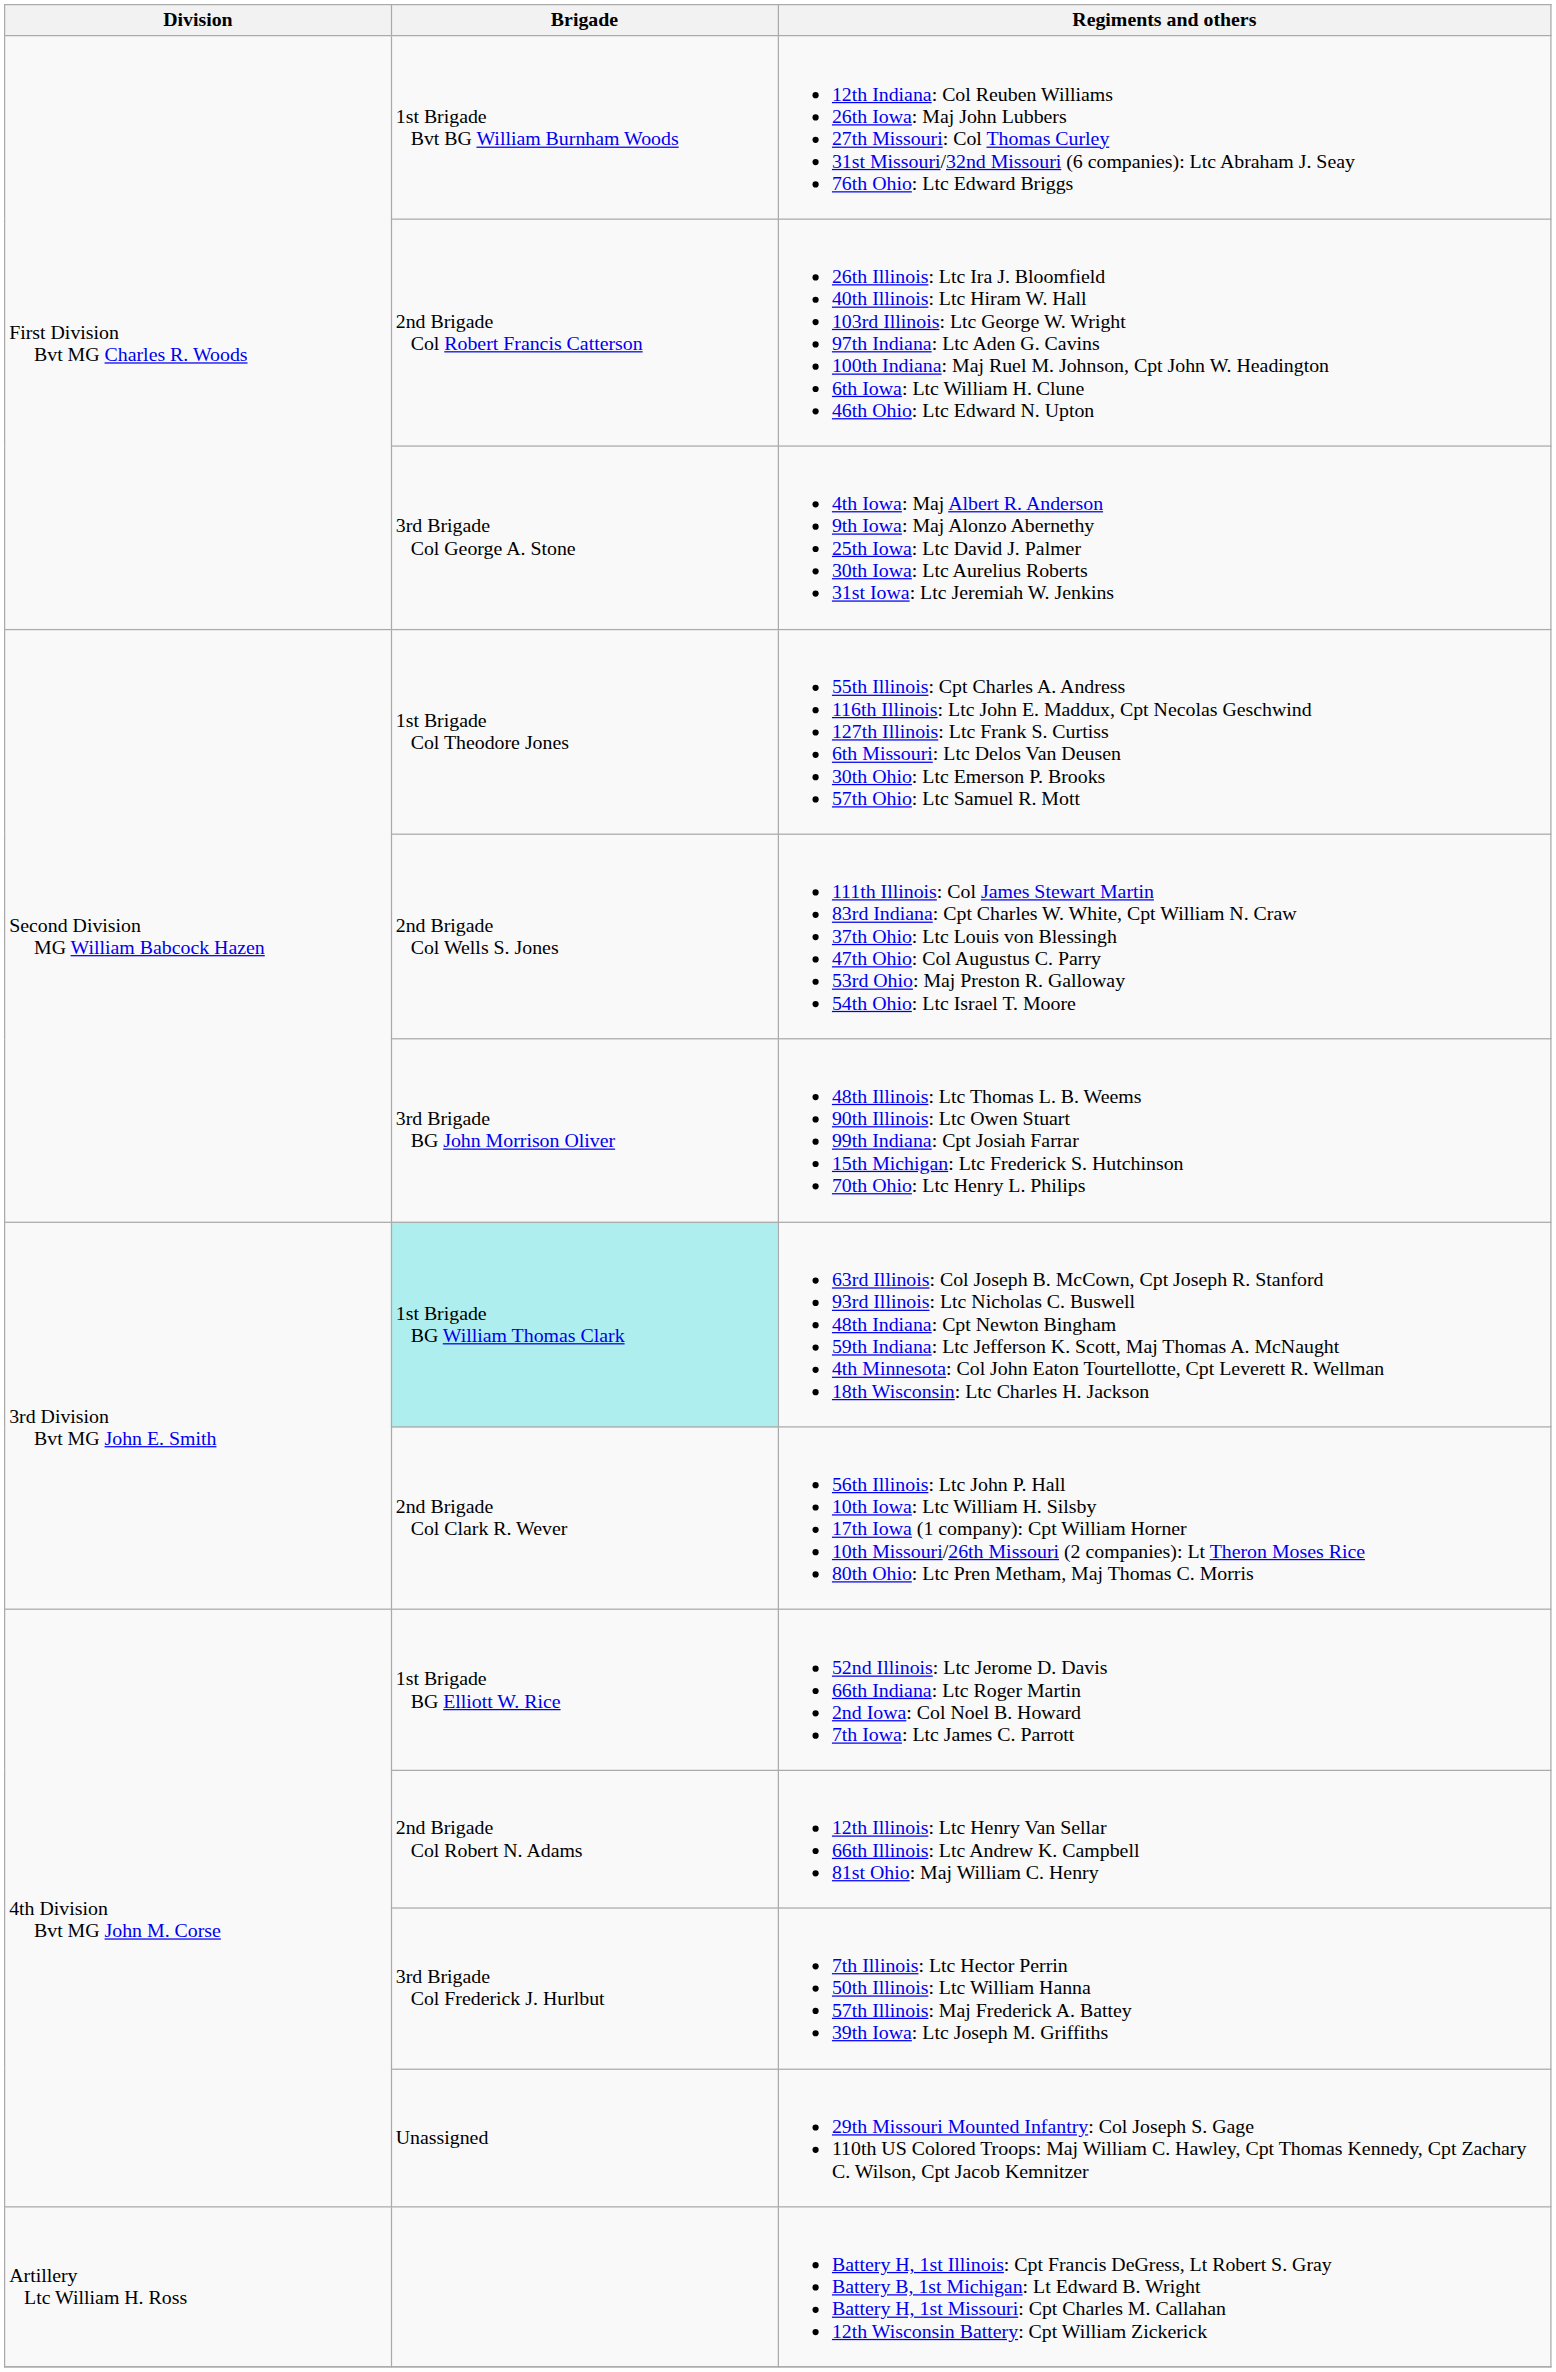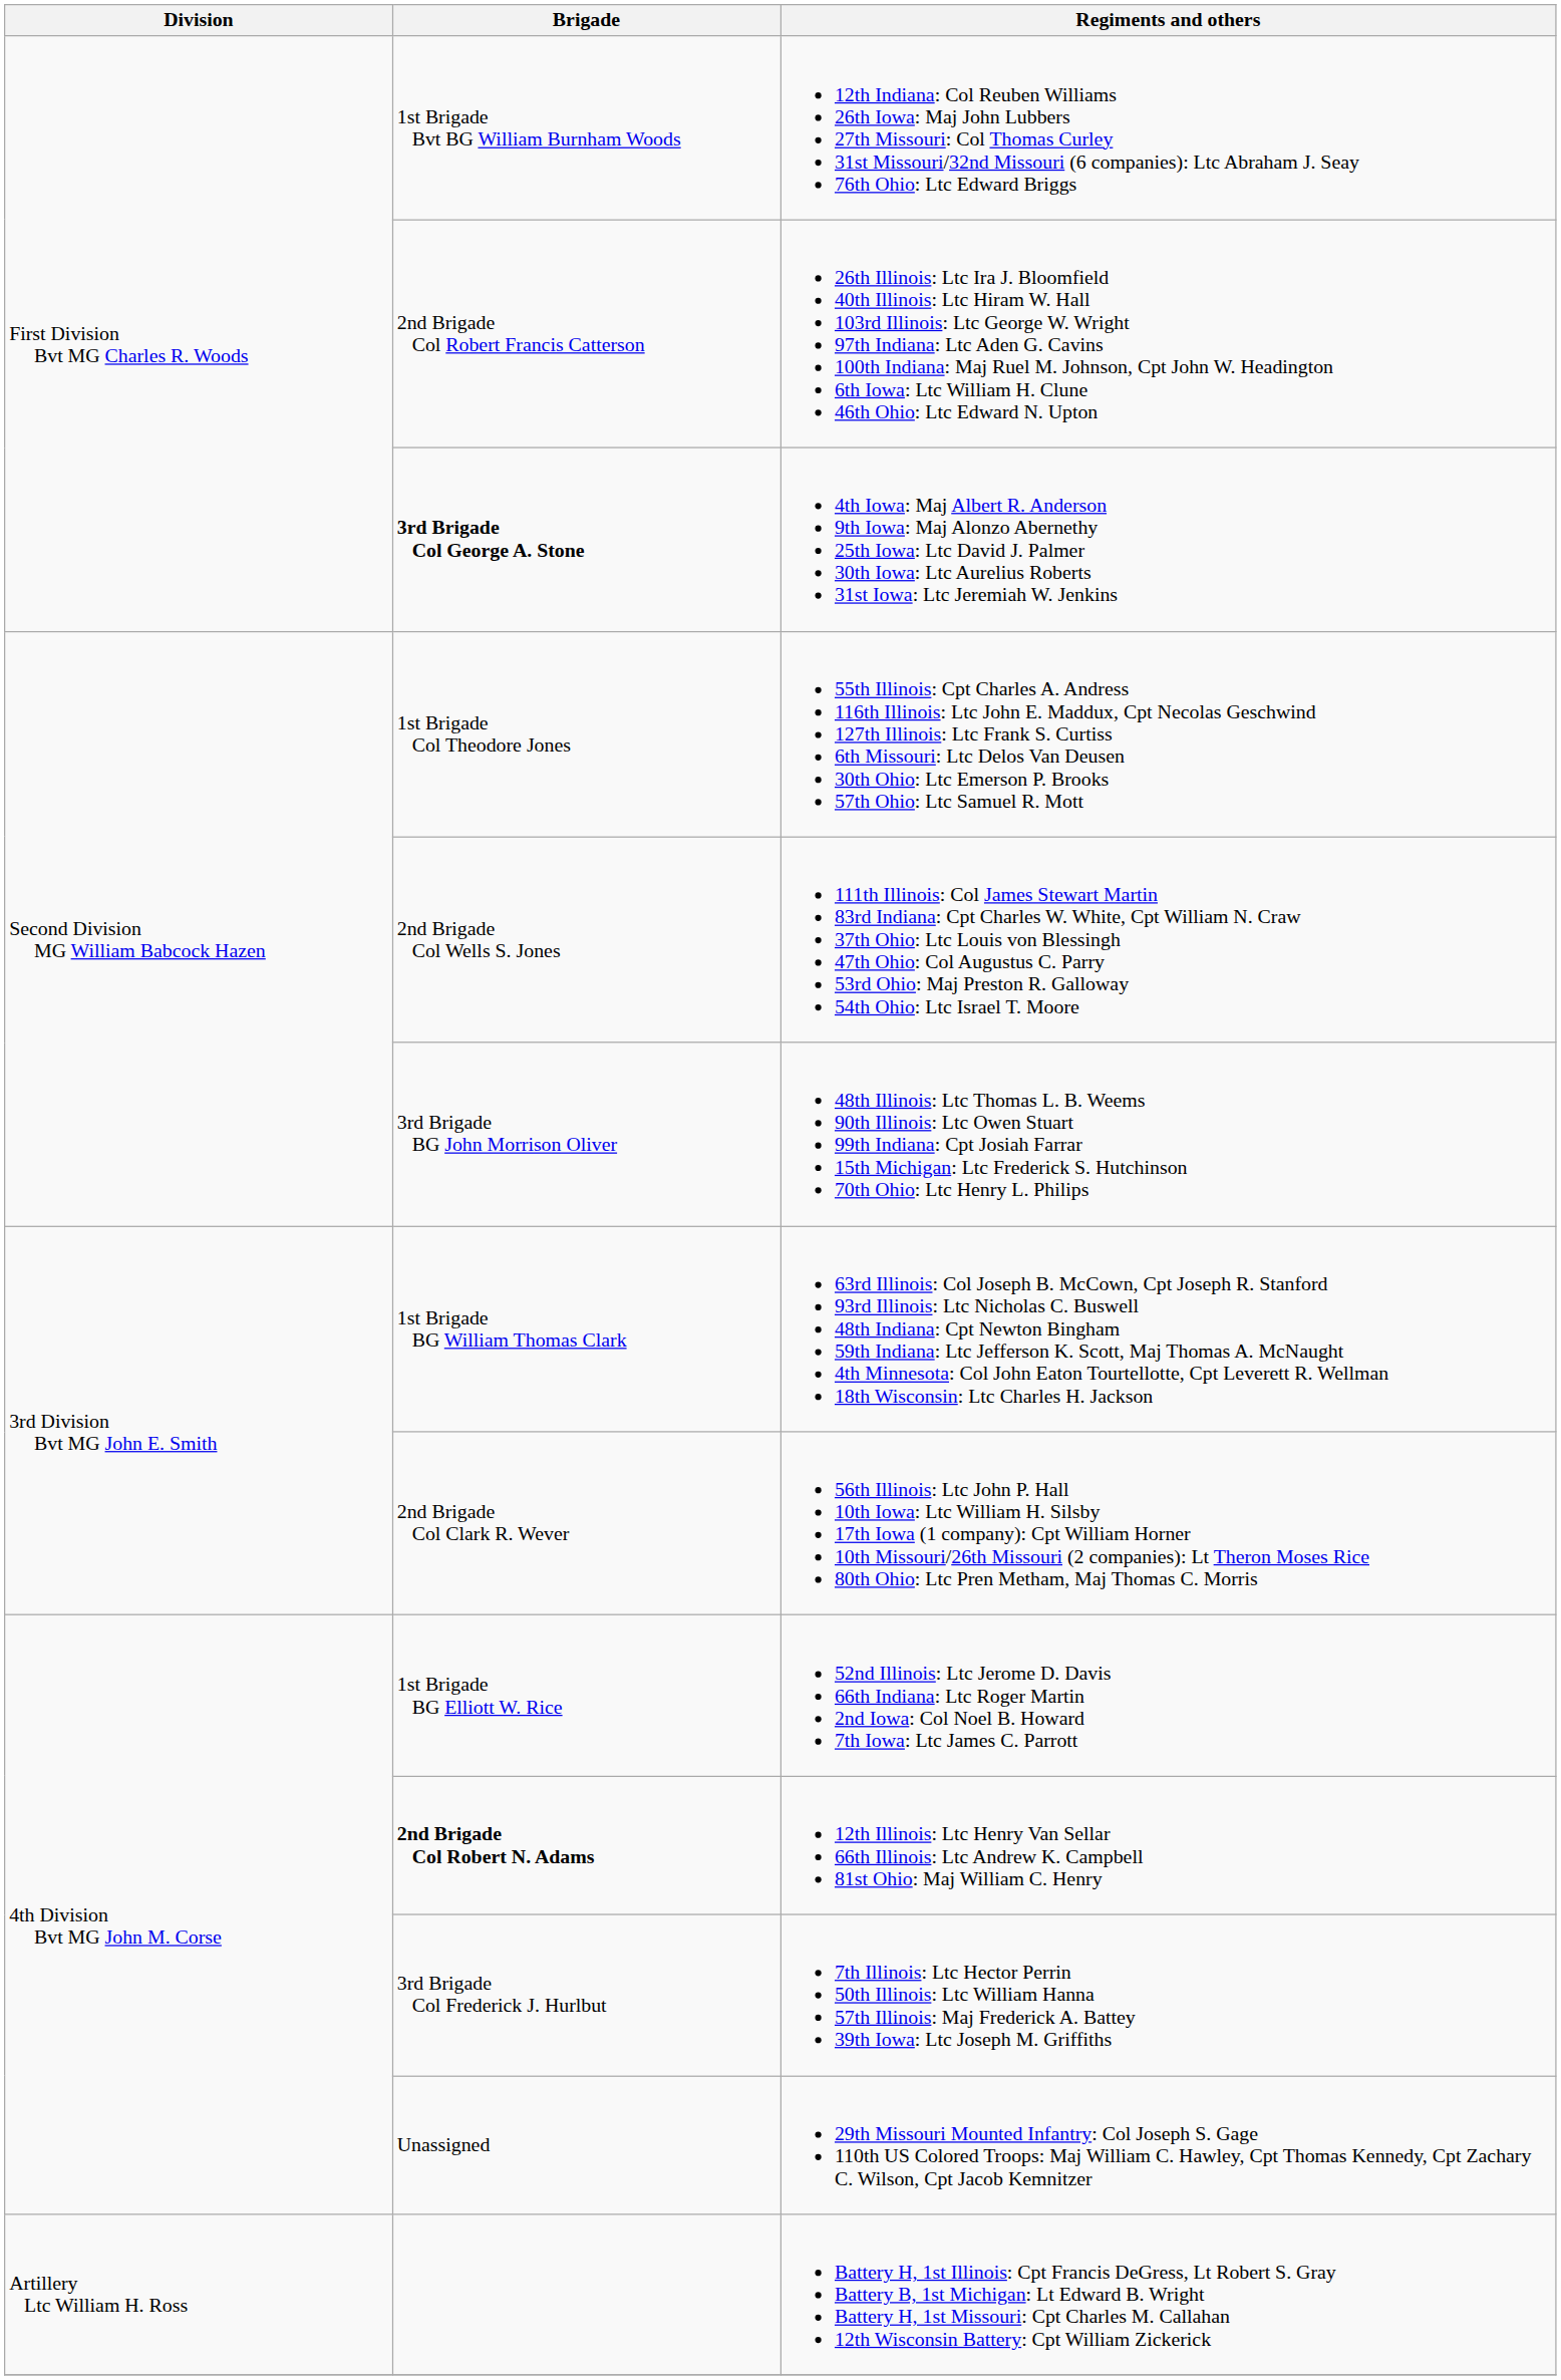 <table class="wikitable">
 <tr>
 <th width=25%>Division</th>
 <th width=25%>Brigade</th>
 <th>Regiments and others</th>
 </tr>
 <tr>
 <td rowspan=3><br>First Division <br>     Bvt MG <a href='#'>Charles R. Woods</a></td>
 <td>1st Brigade<br>   Bvt BG <a href='#'>William Burnham Woods</a></td>
 <td><br><ul><li><a href='#'>12th Indiana</a>: Col Reuben Williams</li><li><a href='#'>26th Iowa</a>: Maj John Lubbers</li><li><a href='#'>27th Missouri</a>: Col <a href='#'>Thomas Curley</a></li><li><a href='#'>31st Missouri</a>/<a href='#'>32nd Missouri</a> (6 companies): Ltc Abraham J. Seay</li><li><a href='#'>76th Ohio</a>: Ltc Edward Briggs</li></ul></td>
 </tr>
 <tr>
 <td>2nd Brigade<br>   Col <a href='#'>Robert Francis Catterson</a></td>
 <td><br><ul><li><a href='#'>26th Illinois</a>: Ltc Ira J. Bloomfield</li><li><a href='#'>40th Illinois</a>: Ltc Hiram W. Hall</li><li><a href='#'>103rd Illinois</a>: Ltc George W. Wright</li><li><a href='#'>97th Indiana</a>: Ltc Aden G. Cavins</li><li><a href='#'>100th Indiana</a>: Maj Ruel M. Johnson, Cpt John W. Headington</li><li><a href='#'>6th Iowa</a>: Ltc William H. Clune</li><li><a href='#'>46th Ohio</a>: Ltc Edward N. Upton</li></ul></td>
 </tr>
 <tr>
-<td>3rd Brigade<br>   Col George A. Stone</td>
+<td><strong>3rd Brigade<br>   Col George A. Stone</strong></td>
 <td><br><ul><li><a href='#'>4th Iowa</a>: Maj <a href='#'>Albert R. Anderson</a></li><li><a href='#'>9th Iowa</a>: Maj Alonzo Abernethy</li><li><a href='#'>25th Iowa</a>: Ltc David J. Palmer</li><li><a href='#'>30th Iowa</a>: Ltc Aurelius Roberts</li><li><a href='#'>31st Iowa</a>: Ltc Jeremiah W. Jenkins</li></ul></td>
 </tr>
 <tr>
 <td rowspan=3><br>Second Division <br>     MG <a href='#'>William Babcock Hazen</a></td>
 <td>1st Brigade<br>   Col Theodore Jones</td>
 <td><br><ul><li><a href='#'>55th Illinois</a>: Cpt Charles A. Andress</li><li><a href='#'>116th Illinois</a>: Ltc John E. Maddux, Cpt Necolas Geschwind</li><li><a href='#'>127th Illinois</a>: Ltc Frank S. Curtiss</li><li><a href='#'>6th Missouri</a>: Ltc Delos Van Deusen</li><li><a href='#'>30th Ohio</a>: Ltc Emerson P. Brooks</li><li><a href='#'>57th Ohio</a>: Ltc Samuel R. Mott</li></ul></td>
 </tr>
 <tr>
 <td>2nd Brigade<br>   Col Wells S. Jones</td>
 <td><br><ul><li><a href='#'>111th Illinois</a>: Col <a href='#'>James Stewart Martin</a></li><li><a href='#'>83rd Indiana</a>: Cpt Charles W. White, Cpt William N. Craw</li><li><a href='#'>37th Ohio</a>: Ltc Louis von Blessingh</li><li><a href='#'>47th Ohio</a>: Col Augustus C. Parry</li><li><a href='#'>53rd Ohio</a>: Maj Preston R. Galloway</li><li><a href='#'>54th Ohio</a>: Ltc Israel T. Moore</li></ul></td>
 </tr>
 <tr>
 <td>3rd Brigade<br>   BG <a href='#'>John Morrison Oliver</a></td>
 <td><br><ul><li><a href='#'>48th Illinois</a>: Ltc Thomas L. B. Weems</li><li><a href='#'>90th Illinois</a>: Ltc Owen Stuart</li><li><a href='#'>99th Indiana</a>: Cpt Josiah Farrar</li><li><a href='#'>15th Michigan</a>: Ltc Frederick S. Hutchinson</li><li><a href='#'>70th Ohio</a>: Ltc Henry L. Philips</li></ul></td>
 </tr>
 <tr>
 <td rowspan=2><br>3rd Division <br>     Bvt MG <a href='#'>John E. Smith</a></td>
-<td style="background: paleturquoise;">1st Brigade<br>   BG <a href='#'>William Thomas Clark</a></td>
+<td>1st Brigade<br>   BG <a href='#'>William Thomas Clark</a></td>
 <td><br><ul><li><a href='#'>63rd Illinois</a>: Col Joseph B. McCown, Cpt Joseph R. Stanford</li><li><a href='#'>93rd Illinois</a>: Ltc Nicholas C. Buswell</li><li><a href='#'>48th Indiana</a>: Cpt Newton Bingham</li><li><a href='#'>59th Indiana</a>: Ltc Jefferson K. Scott, Maj Thomas A. McNaught</li><li><a href='#'>4th Minnesota</a>: Col John Eaton Tourtellotte, Cpt Leverett R. Wellman</li><li><a href='#'>18th Wisconsin</a>: Ltc Charles H. Jackson</li></ul></td>
 </tr>
 <tr>
 <td>2nd Brigade<br>   Col Clark R. Wever   </td>
 <td><br><ul><li><a href='#'>56th Illinois</a>: Ltc John P. Hall</li><li><a href='#'>10th Iowa</a>: Ltc William H. Silsby</li><li><a href='#'>17th Iowa</a> (1 company): Cpt William Horner</li><li><a href='#'>10th Missouri</a>/<a href='#'>26th Missouri</a> (2 companies): Lt <a href='#'>Theron Moses Rice</a></li><li><a href='#'>80th Ohio</a>: Ltc Pren Metham, Maj Thomas C. Morris</li></ul></td>
 </tr>
 <tr>
 <td rowspan=4><br>4th Division <br>     Bvt MG <a href='#'>John M. Corse</a></td>
 <td>1st Brigade<br>   BG <a href='#'>Elliott W. Rice</a></td>
 <td><br><ul><li><a href='#'>52nd Illinois</a>: Ltc Jerome D. Davis</li><li><a href='#'>66th Indiana</a>: Ltc Roger Martin</li><li><a href='#'>2nd Iowa</a>: Col Noel B. Howard</li><li><a href='#'>7th Iowa</a>: Ltc James C. Parrott</li></ul></td>
 </tr>
 <tr>
-<td>2nd Brigade<br>   Col Robert N. Adams</td>
+<td><strong>2nd Brigade<br>   Col Robert N. Adams</strong></td>
 <td><br><ul><li><a href='#'>12th Illinois</a>: Ltc Henry Van Sellar</li><li><a href='#'>66th Illinois</a>: Ltc Andrew K. Campbell</li><li><a href='#'>81st Ohio</a>: Maj William C. Henry</li></ul></td>
 </tr>
 <tr>
 <td>3rd Brigade<br>   Col Frederick J. Hurlbut</td>
 <td><br><ul><li><a href='#'>7th Illinois</a>: Ltc Hector Perrin</li><li><a href='#'>50th Illinois</a>: Ltc William Hanna</li><li><a href='#'>57th Illinois</a>: Maj Frederick A. Battey</li><li><a href='#'>39th Iowa</a>: Ltc Joseph M. Griffiths</li></ul></td>
 </tr>
 <tr>
 <td>Unassigned</td>
 <td><br><ul><li><a href='#'>29th Missouri Mounted Infantry</a>: Col Joseph S. Gage</li><li>110th US Colored Troops: Maj William C. Hawley, Cpt Thomas Kennedy, Cpt Zachary C. Wilson, Cpt Jacob Kemnitzer</li></ul></td>
 </tr>
 <tr>
 <td>Artillery<br>   Ltc William H. Ross</td>
 <td></td>
 <td><br><ul><li><a href='#'>Battery H, 1st Illinois</a>: Cpt Francis DeGress, Lt Robert S. Gray</li><li><a href='#'>Battery B, 1st Michigan</a>: Lt Edward B. Wright</li><li><a href='#'>Battery H, 1st Missouri</a>: Cpt Charles M. Callahan</li><li><a href='#'>12th Wisconsin Battery</a>: Cpt William Zickerick</li></ul></td>
 </tr>
 <tr>
 </tr>
 </table>
